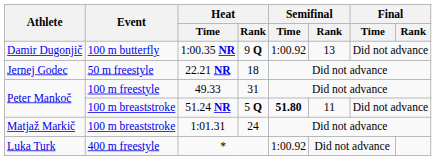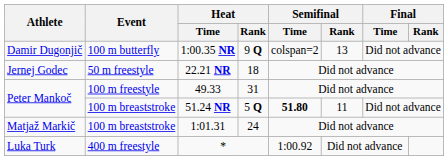 <table class=wikitable style="font-size:90%">
 <tr>
 <th rowspan="2">Athlete</th>
 <th rowspan="2">Event</th>
 <th colspan="2">Heat</th>
 <th colspan="2">Semifinal</th>
 <th colspan="2">Final</th>
 </tr>
 <tr style="font-size:95%">
 <th>Time</th>
 <th>Rank</th>
 <th>Time</th>
 <th>Rank</th>
 <th>Time</th>
 <th>Rank</th>
 </tr>
 <tr align=center>
 <td align=left><a href='#'>Damir Dugonjič</a></td>
 <td align=left><a href='#'>100 m butterfly</a></td>
 <td>1:00.35 <strong><a href='#'>NR</a></strong></td>
 <td>9 <strong>Q</strong></td>
-<td>1:00.92</td>
+<td>colspan=2 </td>
 <td>13</td>
 <td colspan=2>Did not advance</td>
 </tr>
 <tr align=center>
 <td align=left><a href='#'>Jernej Godec</a></td>
 <td align=left><a href='#'>50 m freestyle</a></td>
 <td>22.21 <strong><a href='#'>NR</a></strong></td>
 <td>18</td>
 <td colspan=4>Did not advance</td>
 </tr>
 <tr align=center>
 <td align=left rowspan=2><a href='#'>Peter Mankoč</a></td>
 <td align=left><a href='#'>100 m freestyle</a></td>
 <td>49.33</td>
 <td>31</td>
 <td colspan=4>Did not advance</td>
 </tr>
 <tr align=center>
 <td align=left><a href='#'>100 m breaststroke</a></td>
 <td>51.24 <strong><a href='#'>NR</a></strong></td>
 <td>5 <strong>Q</strong></td>
 <td><strong>51.80</strong></td>
 <td>11</td>
 <td colspan=2>Did not advance</td>
 </tr>
 <tr align=center>
 <td align=left><a href='#'>Matjaž Markič</a></td>
 <td align=left><a href='#'>100 m breaststroke</a></td>
 <td>1:01.31</td>
 <td>24</td>
 <td colspan=4>Did not advance</td>
 </tr>
 <tr align=center>
 <td align=left><a href='#'>Luka Turk</a></td>
 <td align=left><a href='#'>400 m freestyle</a></td>
 <td colspan=2>*</td>
 <td>1:00.92</td>
 <td colspan=2>Did not advance</td>
 </tr>
 </table>
